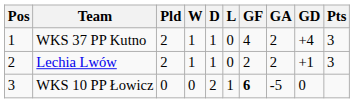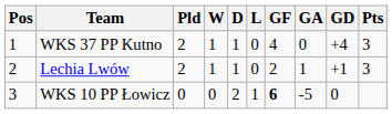 <table class="wikitable" style="display: inline-table;">
 <tr>
 <th>Pos</th>
 <th>Team</th>
 <th>Pld</th>
 <th>W</th>
 <th>D</th>
 <th>L</th>
 <th>GF</th>
 <th>GA</th>
 <th>GD</th>
 <th>Pts</th>
 </tr>
 <tr>
 <td>1</td>
 <td>WKS 37 PP Kutno</td>
 <td>2</td>
 <td>1</td>
 <td>1</td>
 <td>0</td>
 <td>4</td>
-<td>2</td>
+<td>0</td>
 <td>+4</td>
 <td>3</td>
 </tr>
 <tr>
 <td>2</td>
 <td><a href='#'>Lechia Lwów</a></td>
 <td>2</td>
 <td>1</td>
 <td>1</td>
 <td>0</td>
 <td>2</td>
-<td>2</td>
+<td>1</td>
 <td>+1</td>
 <td>3</td>
 </tr>
 <tr>
 <td>3</td>
 <td>WKS 10 PP Łowicz</td>
 <td>0</td>
 <td>0</td>
 <td>2</td>
 <td>1</td>
 <td><strong>6</strong></td>
 <td>-5</td>
 <td>0</td>
 </tr>
 </table>
